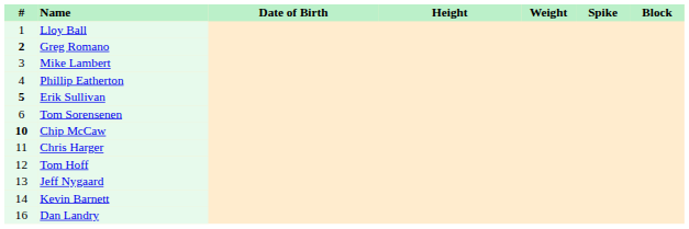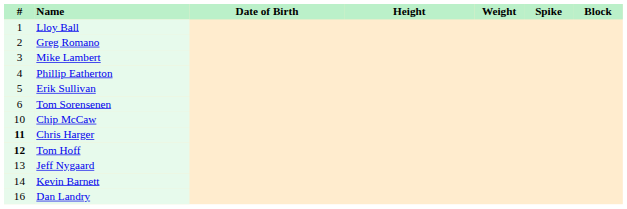 <table border=0 cellpadding=2 cellspacing=0  |- bgcolor=#FFECCE style=text-align:center; font-size:90%; width=100%>
 <tr bgcolor=#BBF0C9>
 <th width=5%>#</th>
 <th width=25% align=left>Name</th>
 <th width=25%>Date of Birth</th>
 <th width=21%>Height</th>
 <th width=8%>Weight</th>
 <th width=8%>Spike</th>
 <th width=8%>Block</th>
 </tr>
 <tr bgcolor=#E7FAEC>
 <td>1</td>
 <td align="left"><a href='#'>Lloy Ball</a></td>
 </tr>
 <tr bgcolor=#E7FAEC>
-<td><strong>2</strong></td>
+<td>2</td>
 <td align="left"><a href='#'>Greg Romano</a></td>
 </tr>
 <tr bgcolor=#E7FAEC>
 <td>3</td>
 <td align="left"><a href='#'>Mike Lambert</a></td>
 </tr>
 <tr bgcolor=#E7FAEC>
 <td>4</td>
 <td align="left"><a href='#'>Phillip Eatherton</a></td>
 </tr>
 <tr bgcolor=#E7FAEC>
-<td><strong>5</strong></td>
+<td>5</td>
 <td align="left"><a href='#'>Erik Sullivan</a></td>
 </tr>
 <tr bgcolor=#E7FAEC>
 <td>6</td>
 <td align="left"><a href='#'>Tom Sorensenen</a></td>
 </tr>
 <tr bgcolor=#E7FAEC>
-<td><strong>10</strong></td>
+<td>10</td>
 <td align="left"><a href='#'>Chip McCaw</a></td>
 </tr>
 <tr bgcolor=#E7FAEC>
-<td>11</td>
+<td><strong>11</strong></td>
 <td align="left"><a href='#'>Chris Harger</a></td>
 </tr>
 <tr bgcolor=#E7FAEC>
-<td>12</td>
+<td><strong>12</strong></td>
 <td align="left"><a href='#'>Tom Hoff</a></td>
 </tr>
 <tr bgcolor=#E7FAEC>
 <td>13</td>
 <td align="left"><a href='#'>Jeff Nygaard</a></td>
 </tr>
 <tr bgcolor=#E7FAEC>
 <td>14</td>
 <td align="left"><a href='#'>Kevin Barnett</a></td>
 </tr>
 <tr bgcolor=#E7FAEC>
 <td>16</td>
 <td align="left"><a href='#'>Dan Landry</a></td>
 </tr>
 </table>
